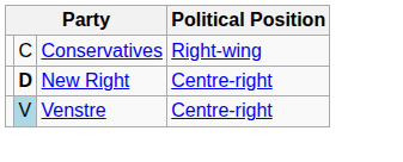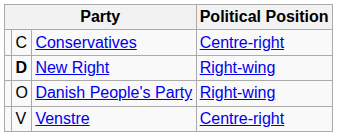 <table class="wikitable mw-collapsible mw-collapsed">
 <tr>
 <th colspan="3">Party</th>
 <th>Political Position</th>
 </tr>
 <tr>
 <td></td>
 <td>C</td>
 <td><a href='#'>Conservatives</a></td>
-<td><a href='#'>Right-wing</a></td>
+<td><a href='#'>Centre-right</a></td>
 </tr>
 <tr>
 <td></td>
 <td><strong>D</strong></td>
 <td><a href='#'>New Right</a></td>
-<td><a href='#'>Centre-right</a></td>
+<td><a href='#'>Right-wing</a></td>
 </tr>
 <tr>
 <td></td>
-<td style="background: lightblue;">V</td>
+<td>O</td>
+<td><a href='#'>Danish People's Party</a></td>
+<td><a href='#'>Right-wing</a></td>
+</tr>
+<tr>
+<td></td>
+<td>V</td>
 <td><a href='#'>Venstre</a></td>
 <td><a href='#'>Centre-right</a></td>
 </tr>
 </table>
